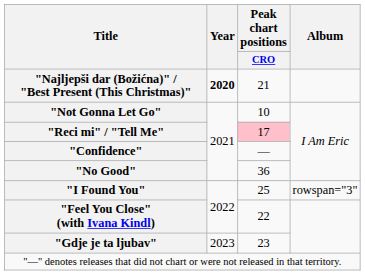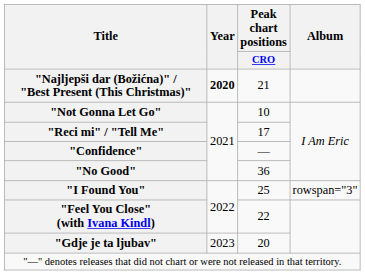 <table class="wikitable plainrowheaders" style="text-align:center;">
 <tr>
 <th scope="col" rowspan="2" style="width:16em;">Title</th>
 <th scope="col" rowspan="2" style="width:1em;">Year</th>
 <th scope="col" colspan="1">Peak chart positions</th>
 <th scope="col" rowspan="2">Album</th>
 </tr>
 <tr>
 <th scope="col" style="width:3em;font-size:85%;"><a href='#'>CRO</a><br></th>
 </tr>
 <tr>
 <th scope="row">"Najljepši dar (Božićna)" /<br>"Best Present (This Christmas)"</th>
 <td><strong>2020</strong></td>
 <td>21</td>
 <td></td>
 </tr>
 <tr>
 <th scope="row">"Not Gonna Let Go"</th>
 <td rowspan="4">2021</td>
 <td>10</td>
 <td rowspan="4"><em>I Am Eric</em></td>
 </tr>
 <tr>
 <th scope="row">"Reci mi" / "Tell Me"</th>
-<td style="background: pink;">17</td>
+<td>17</td>
 </tr>
 <tr>
 <th scope="row">"Confidence"</th>
 <td>—</td>
 </tr>
 <tr>
 <th scope="row">"No Good"</th>
 <td>36</td>
 </tr>
 <tr>
 <th scope="row">"I Found You"</th>
 <td rowspan="2">2022</td>
 <td>25</td>
 <td>rowspan="3" </td>
 </tr>
 <tr>
 <th scope="row">"Feel You Close" <br><span>(with <a href='#'>Ivana Kindl</a>)</span></th>
 <td>22</td>
 </tr>
 <tr>
 <th scope="row">"Gdje je ta ljubav"</th>
 <td>2023</td>
-<td>23</td>
+<td>20</td>
 </tr>
 <tr>
 <td colspan="22" style="text-align:center; font-size:85%;">"—" denotes releases that did not chart or were not released in that territory.</td>
 </tr>
 </table>
